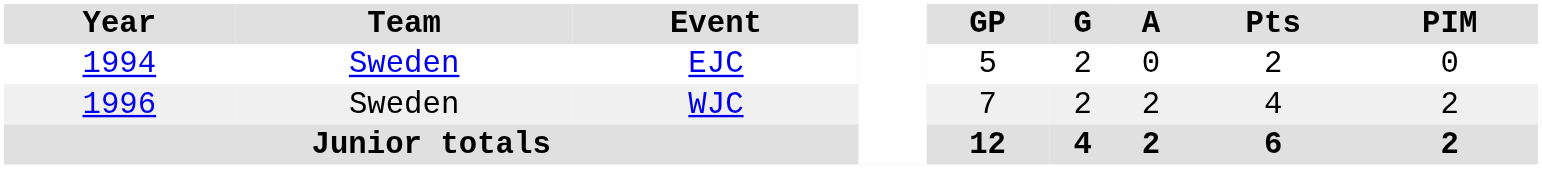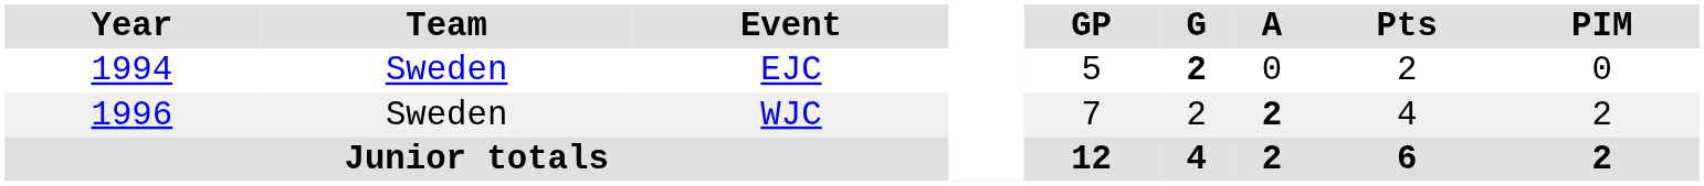 <table border="0" cellpadding="1" cellspacing="0" style="text-align:center; width:50em">
 <tr ALIGN="center" bgcolor="#e0e0e0">
 <th>Year</th>
 <th>Team</th>
 <th>Event</th>
 <th rowspan="99" bgcolor="#ffffff"> </th>
 <th>GP</th>
 <th>G</th>
 <th>A</th>
 <th>Pts</th>
 <th>PIM</th>
 </tr>
 <tr>
 <td><a href='#'>1994</a></td>
 <td><a href='#'>Sweden</a></td>
 <td><a href='#'>EJC</a></td>
 <td>5</td>
-<td>2</td>
+<td><strong>2</strong></td>
 <td>0</td>
 <td>2</td>
 <td>0</td>
 </tr>
 <tr bgcolor="#f0f0f0">
 <td><a href='#'>1996</a></td>
 <td>Sweden</td>
 <td><a href='#'>WJC</a></td>
 <td>7</td>
 <td>2</td>
-<td>2</td>
+<td><strong>2</strong></td>
 <td>4</td>
 <td>2</td>
 </tr>
 <tr bgcolor="#e0e0e0">
 <th colspan=3>Junior totals</th>
 <th>12</th>
 <th>4</th>
 <th>2</th>
 <th>6</th>
 <th>2</th>
 </tr>
 </table>
